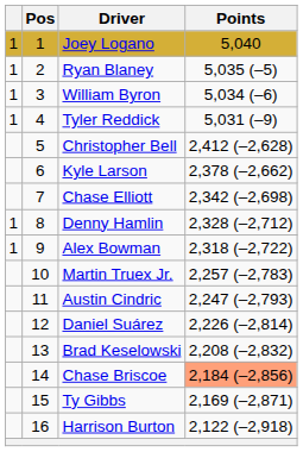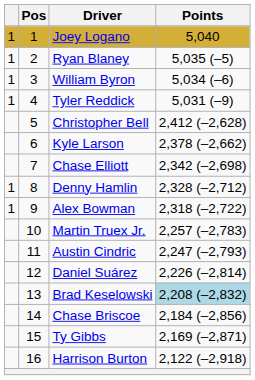 <table class="wikitable" style="font-size: 95%;">
 <tr>
 <th></th>
 <th>Pos</th>
 <th>Driver</th>
 <th>Points</th>
 </tr>
 <tr style="background:#D4AF37;">
 <td align="left"> 1</td>
 <td style="text-align:center;">1</td>
 <td><a href='#'>Joey Logano</a></td>
 <td style="text-align:center;">5,040</td>
 </tr>
 <tr>
 <td align="left"> 1</td>
 <td style="text-align:center;">2</td>
 <td><a href='#'>Ryan Blaney</a></td>
 <td style="text-align:center;">5,035 (–5)</td>
 </tr>
 <tr>
 <td align="left"> 1</td>
 <td style="text-align:center;">3</td>
 <td><a href='#'>William Byron</a></td>
 <td style="text-align:center;">5,034 (–6)</td>
 </tr>
 <tr>
 <td align="left"> 1</td>
 <td style="text-align:center;">4</td>
 <td><a href='#'>Tyler Reddick</a></td>
 <td style="text-align:center;">5,031 (–9)</td>
 </tr>
 <tr>
 <td align="left"></td>
 <td style="text-align:center;">5</td>
 <td><a href='#'>Christopher Bell</a></td>
 <td style="text-align:center;">2,412 (–2,628)</td>
 </tr>
 <tr>
 <td align="left"></td>
 <td style="text-align:center;">6</td>
 <td><a href='#'>Kyle Larson</a></td>
 <td style="text-align:center;">2,378 (–2,662)</td>
 </tr>
 <tr>
 <td align="left"></td>
 <td style="text-align:center;">7</td>
 <td><a href='#'>Chase Elliott</a></td>
 <td style="text-align:center;">2,342 (–2,698)</td>
 </tr>
 <tr>
 <td align="left"> 1</td>
 <td style="text-align:center;">8</td>
 <td><a href='#'>Denny Hamlin</a></td>
 <td style="text-align:center;">2,328 (–2,712)</td>
 </tr>
 <tr>
 <td align="left"> 1</td>
 <td style="text-align:center;">9</td>
 <td><a href='#'>Alex Bowman</a></td>
 <td style="text-align:center;">2,318 (–2,722)</td>
 </tr>
 <tr>
 <td align="left"></td>
 <td style="text-align:center;">10</td>
 <td><a href='#'>Martin Truex Jr.</a></td>
 <td style="text-align:center;">2,257 (–2,783)</td>
 </tr>
 <tr>
 <td align="left"></td>
 <td style="text-align:center;">11</td>
 <td><a href='#'>Austin Cindric</a></td>
 <td style="text-align:center;">2,247 (–2,793)</td>
 </tr>
 <tr>
 <td align="left"></td>
 <td style="text-align:center;">12</td>
 <td><a href='#'>Daniel Suárez</a></td>
 <td style="text-align:center;">2,226 (–2,814)</td>
 </tr>
 <tr>
 <td align="left"></td>
 <td style="text-align:center;">13</td>
 <td><a href='#'>Brad Keselowski</a></td>
-<td style="text-align:center;">2,208 (–2,832)</td>
+<td style="background: lightblue; text-align:center;">2,208 (–2,832)</td>
 </tr>
 <tr>
 <td align="left"></td>
 <td style="text-align:center;">14</td>
 <td><a href='#'>Chase Briscoe</a></td>
-<td style="background: lightsalmon; text-align:center;">2,184 (–2,856)</td>
+<td style="text-align:center;">2,184 (–2,856)</td>
 </tr>
 <tr>
 <td align="left"></td>
 <td style="text-align:center;">15</td>
 <td><a href='#'>Ty Gibbs</a></td>
 <td style="text-align:center;">2,169 (–2,871)</td>
 </tr>
 <tr>
 <td align="left"></td>
 <td style="text-align:center;">16</td>
 <td><a href='#'>Harrison Burton</a></td>
 <td style="text-align:center;">2,122 (–2,918)</td>
 </tr>
 <tr class="sortbottom">
 <th colspan="9"></th>
 </tr>
 </table>
